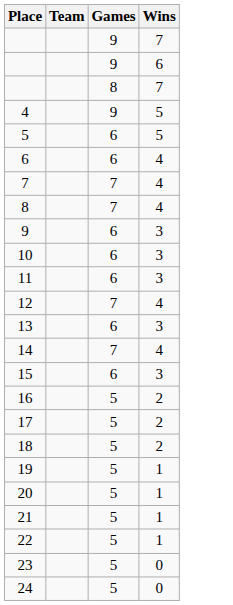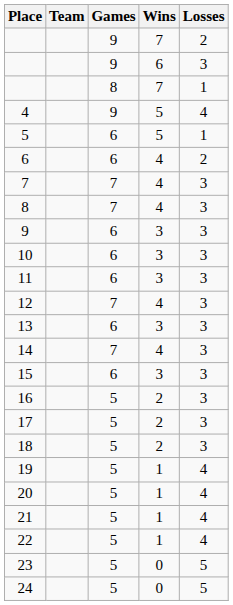 <table class="wikitable" style="text-align:center;">
 <tr>
 <th>Place</th>
 <th>Team</th>
 <th>Games</th>
 <th>Wins</th>
+<th>Losses</th>
 </tr>
 <tr>
 <td></td>
 <td align=left></td>
 <td>9</td>
 <td>7</td>
+<td>2</td>
 </tr>
 <tr>
 <td></td>
 <td align=left></td>
 <td>9</td>
 <td>6</td>
+<td>3</td>
 </tr>
 <tr>
 <td></td>
 <td align=left></td>
 <td>8</td>
 <td>7</td>
+<td>1</td>
 </tr>
 <tr>
 <td>4</td>
 <td align=left></td>
 <td>9</td>
 <td>5</td>
+<td>4</td>
 </tr>
 <tr>
 <td>5</td>
 <td align=left></td>
 <td>6</td>
 <td>5</td>
+<td>1</td>
 </tr>
 <tr>
 <td>6</td>
 <td align=left></td>
 <td>6</td>
 <td>4</td>
+<td>2</td>
 </tr>
 <tr>
 <td>7</td>
 <td align=left></td>
 <td>7</td>
 <td>4</td>
+<td>3</td>
 </tr>
 <tr>
 <td>8</td>
 <td align=left></td>
 <td>7</td>
 <td>4</td>
+<td>3</td>
 </tr>
 <tr>
 <td>9</td>
 <td align=left></td>
 <td>6</td>
+<td>3</td>
 <td>3</td>
 </tr>
 <tr>
 <td>10</td>
 <td align=left></td>
 <td>6</td>
 <td>3</td>
+<td>3</td>
 </tr>
 <tr>
 <td>11</td>
 <td align=left></td>
 <td>6</td>
+<td>3</td>
 <td>3</td>
 </tr>
 <tr>
 <td>12</td>
 <td align=left></td>
 <td>7</td>
 <td>4</td>
+<td>3</td>
 </tr>
 <tr>
 <td>13</td>
 <td align=left></td>
 <td>6</td>
+<td>3</td>
 <td>3</td>
 </tr>
 <tr>
 <td>14</td>
 <td align=left></td>
 <td>7</td>
 <td>4</td>
+<td>3</td>
 </tr>
 <tr>
 <td>15</td>
 <td align=left></td>
 <td>6</td>
+<td>3</td>
 <td>3</td>
 </tr>
 <tr>
 <td>16</td>
 <td align=left></td>
 <td>5</td>
 <td>2</td>
+<td>3</td>
 </tr>
 <tr>
 <td>17</td>
 <td align=left></td>
 <td>5</td>
 <td>2</td>
+<td>3</td>
 </tr>
 <tr>
 <td>18</td>
 <td align=left></td>
 <td>5</td>
 <td>2</td>
+<td>3</td>
 </tr>
 <tr>
 <td>19</td>
 <td align=left></td>
 <td>5</td>
 <td>1</td>
+<td>4</td>
 </tr>
 <tr>
 <td>20</td>
 <td align=left></td>
 <td>5</td>
 <td>1</td>
+<td>4</td>
 </tr>
 <tr>
 <td>21</td>
 <td align=left></td>
 <td>5</td>
 <td>1</td>
+<td>4</td>
 </tr>
 <tr>
 <td>22</td>
 <td align=left></td>
 <td>5</td>
 <td>1</td>
+<td>4</td>
 </tr>
 <tr>
 <td>23</td>
 <td align=left></td>
 <td>5</td>
 <td>0</td>
+<td>5</td>
 </tr>
 <tr>
 <td>24</td>
 <td align=left></td>
 <td>5</td>
 <td>0</td>
+<td>5</td>
 </tr>
 </table>
